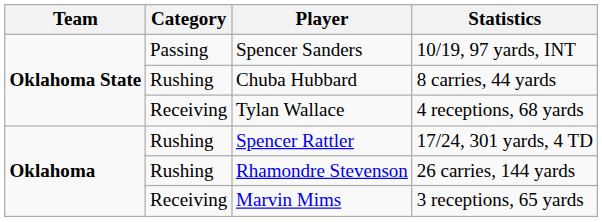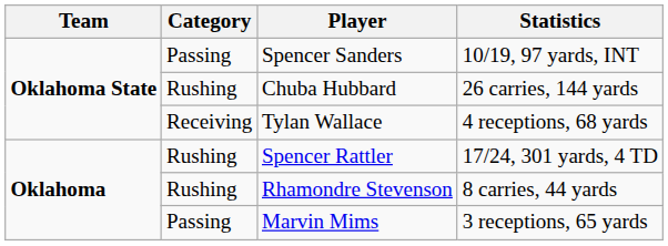 <table class="wikitable" style="float: right;">
 <tr>
 <th>Team</th>
 <th>Category</th>
 <th>Player</th>
 <th>Statistics</th>
 </tr>
 <tr>
 <td rowspan=3><strong>Oklahoma State</strong></td>
 <td>Passing</td>
 <td>Spencer Sanders</td>
 <td>10/19, 97 yards, INT</td>
 </tr>
 <tr>
 <td>Rushing</td>
 <td>Chuba Hubbard</td>
-<td>8 carries, 44 yards</td>
+<td>26 carries, 144 yards</td>
 </tr>
 <tr>
 <td>Receiving</td>
 <td>Tylan Wallace</td>
 <td>4 receptions, 68 yards</td>
 </tr>
 <tr>
 <td rowspan=3><strong>Oklahoma</strong></td>
 <td>Rushing</td>
 <td><a href='#'>Spencer Rattler</a></td>
 <td>17/24, 301 yards, 4 TD</td>
 </tr>
 <tr>
 <td>Rushing</td>
 <td><a href='#'>Rhamondre Stevenson</a></td>
-<td>26 carries, 144 yards</td>
+<td>8 carries, 44 yards</td>
 </tr>
 <tr>
-<td>Receiving</td>
+<td>Passing</td>
 <td><a href='#'>Marvin Mims</a></td>
 <td>3 receptions, 65 yards</td>
 </tr>
 </table>
